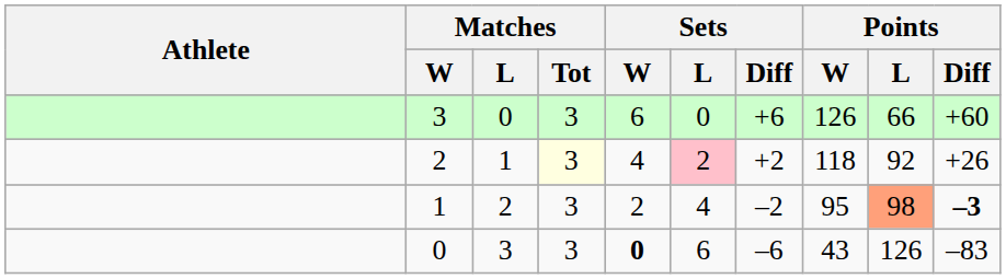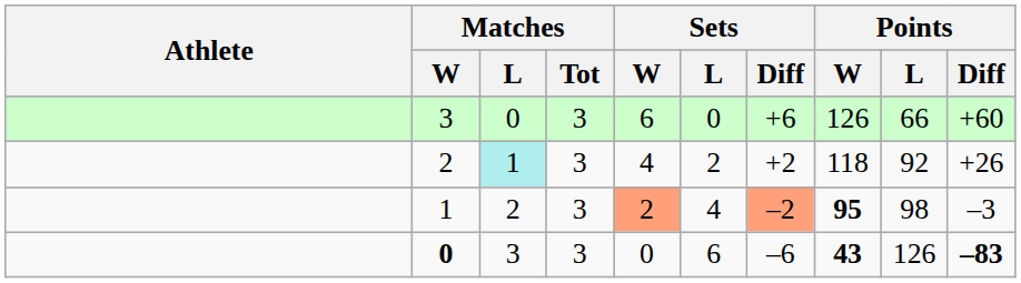 <table class=wikitable style="text-align:center">
 <tr>
 <th rowspan=2 width=220>Athlete</th>
 <th colspan=3 width=90>Matches</th>
 <th colspan=3 width=90>Sets</th>
 <th colspan=3 width=90>Points</th>
 </tr>
 <tr>
 <th width=30>W</th>
 <th width=30>L</th>
 <th width=30>Tot</th>
 <th width=30>W</th>
 <th width=30>L</th>
 <th width=30>Diff</th>
 <th width=30>W</th>
 <th width=30>L</th>
 <th width=30>Diff</th>
 </tr>
 <tr bgcolor=ccffcc>
 <td style="text-align:left"></td>
 <td>3</td>
 <td>0</td>
 <td>3</td>
 <td>6</td>
 <td>0</td>
 <td>+6</td>
 <td>126</td>
 <td>66</td>
 <td>+60</td>
 </tr>
 <tr>
 <td style="text-align:left"></td>
 <td>2</td>
-<td>1</td>
-<td style="background: lightyellow;">3</td>
+<td style="background: paleturquoise;">1</td>
+<td>3</td>
 <td>4</td>
-<td style="background: pink;">2</td>
+<td>2</td>
 <td>+2</td>
 <td>118</td>
 <td>92</td>
 <td>+26</td>
 </tr>
 <tr>
 <td style="text-align:left"></td>
 <td>1</td>
 <td>2</td>
 <td>3</td>
-<td>2</td>
+<td style="background: lightsalmon;">2</td>
 <td>4</td>
-<td>–2</td>
-<td>95</td>
-<td style="background: lightsalmon;">98</td>
-<td><strong>–3</strong></td>
+<td style="background: lightsalmon;">–2</td>
+<td><strong>95</strong></td>
+<td>98</td>
+<td>–3</td>
 </tr>
 <tr>
 <td style="text-align:left"></td>
-<td>0</td>
+<td><strong>0</strong></td>
 <td>3</td>
 <td>3</td>
-<td><strong>0</strong></td>
+<td>0</td>
 <td>6</td>
 <td>–6</td>
-<td>43</td>
+<td><strong>43</strong></td>
 <td>126</td>
-<td>–83</td>
+<td><strong>–83</strong></td>
 </tr>
 </table>
